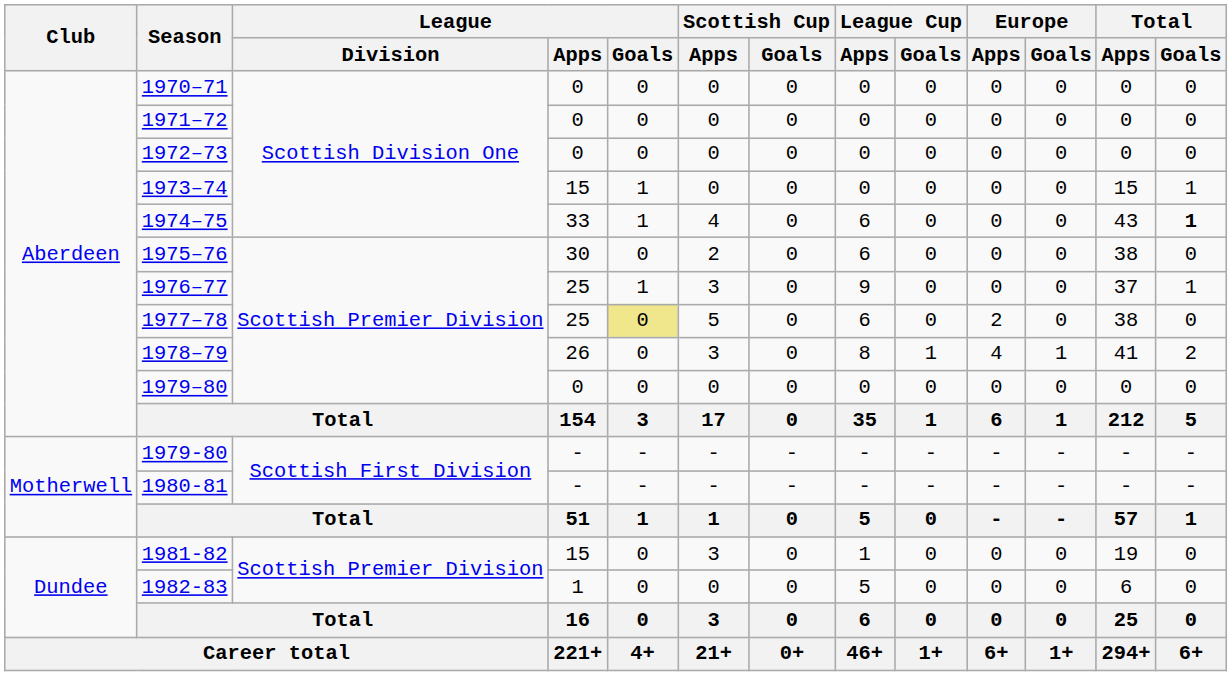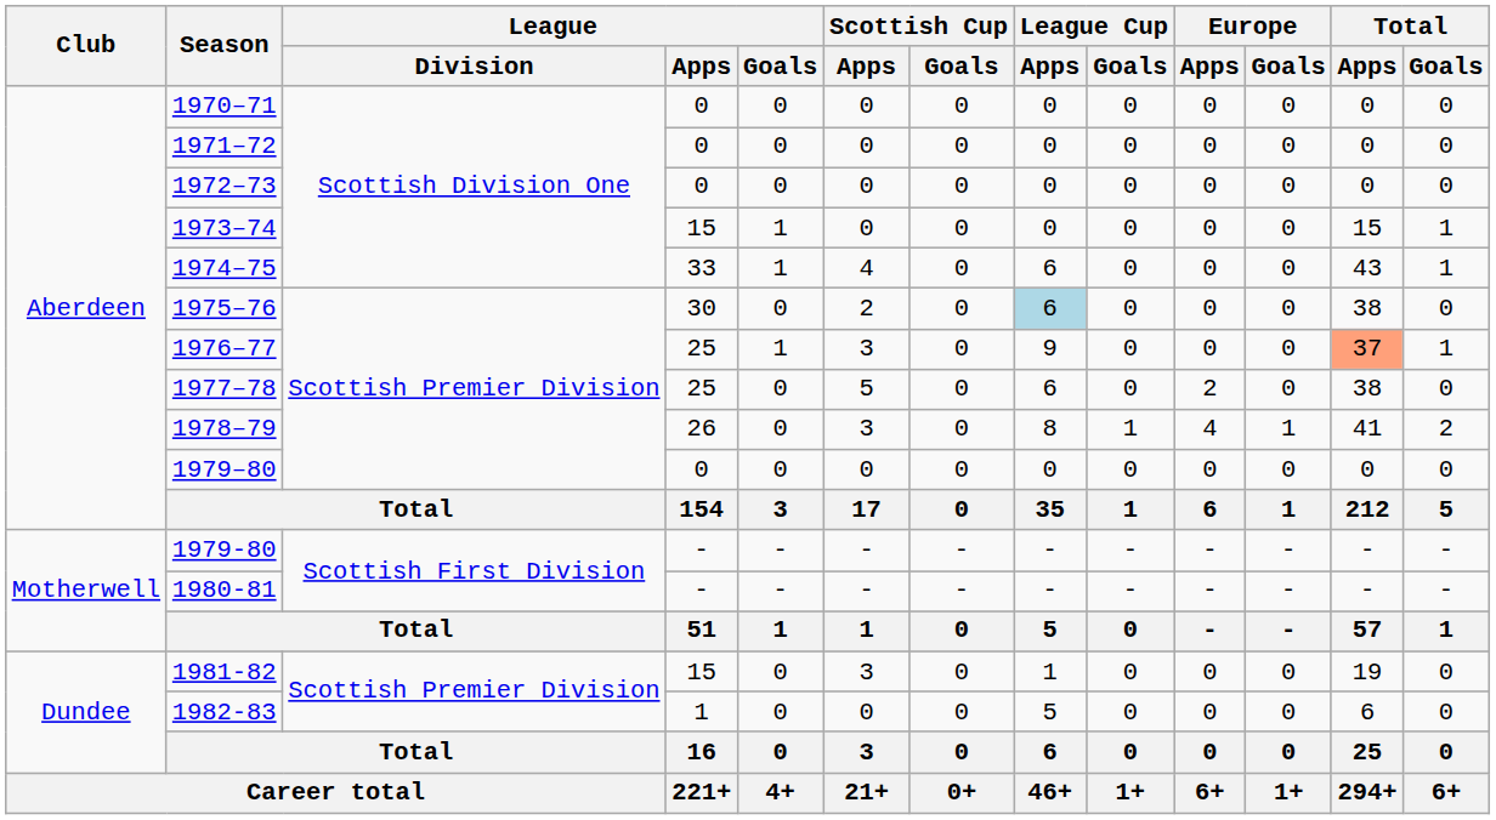 <table class="wikitable" style="text-align:center">
 <tr>
 <th rowspan="2">Club </th>
 <th rowspan="2">Season</th>
 <th colspan="3">League</th>
 <th colspan="2">Scottish Cup</th>
 <th colspan="2">League Cup</th>
 <th colspan="2">Europe</th>
 <th colspan="2">Total</th>
 </tr>
 <tr>
 <th>Division</th>
 <th>Apps</th>
 <th>Goals</th>
 <th>Apps</th>
 <th>Goals</th>
 <th>Apps</th>
 <th>Goals</th>
 <th>Apps</th>
 <th>Goals</th>
 <th>Apps</th>
 <th>Goals</th>
 </tr>
 <tr>
 <td rowspan="11"><a href='#'>Aberdeen</a></td>
 <td><a href='#'>1970–71</a></td>
 <td rowspan="5"><a href='#'>Scottish Division One</a></td>
 <td>0</td>
 <td>0</td>
 <td>0</td>
 <td>0</td>
 <td>0</td>
 <td>0</td>
 <td>0</td>
 <td>0</td>
 <td>0</td>
 <td>0</td>
 </tr>
 <tr>
 <td><a href='#'>1971–72</a></td>
 <td>0</td>
 <td>0</td>
 <td>0</td>
 <td>0</td>
 <td>0</td>
 <td>0</td>
 <td>0</td>
 <td>0</td>
 <td>0</td>
 <td>0</td>
 </tr>
 <tr>
 <td><a href='#'>1972–73</a></td>
 <td>0</td>
 <td>0</td>
 <td>0</td>
 <td>0</td>
 <td>0</td>
 <td>0</td>
 <td>0</td>
 <td>0</td>
 <td>0</td>
 <td>0</td>
 </tr>
 <tr>
 <td><a href='#'>1973–74</a></td>
 <td>15</td>
 <td>1</td>
 <td>0</td>
 <td>0</td>
 <td>0</td>
 <td>0</td>
 <td>0</td>
 <td>0</td>
 <td>15</td>
 <td>1</td>
 </tr>
 <tr>
 <td><a href='#'>1974–75</a></td>
 <td>33</td>
 <td>1</td>
 <td>4</td>
 <td>0</td>
 <td>6</td>
 <td>0</td>
 <td>0</td>
 <td>0</td>
 <td>43</td>
-<td><strong>1</strong></td>
+<td>1</td>
 </tr>
 <tr>
 <td><a href='#'>1975–76</a></td>
 <td rowspan="5"><a href='#'>Scottish Premier Division</a></td>
 <td>30</td>
 <td>0</td>
 <td>2</td>
 <td>0</td>
-<td>6</td>
+<td style="background: lightblue;">6</td>
 <td>0</td>
 <td>0</td>
 <td>0</td>
 <td>38</td>
 <td>0</td>
 </tr>
 <tr>
 <td><a href='#'>1976–77</a></td>
 <td>25</td>
 <td>1</td>
 <td>3</td>
 <td>0</td>
 <td>9</td>
 <td>0</td>
 <td>0</td>
 <td>0</td>
-<td>37</td>
+<td style="background: lightsalmon;">37</td>
 <td>1</td>
 </tr>
 <tr>
 <td><a href='#'>1977–78</a></td>
 <td>25</td>
-<td style="background: khaki;">0</td>
+<td>0</td>
 <td>5</td>
 <td>0</td>
 <td>6</td>
 <td>0</td>
 <td>2</td>
 <td>0</td>
 <td>38</td>
 <td>0</td>
 </tr>
 <tr>
 <td><a href='#'>1978–79</a></td>
 <td>26</td>
 <td>0</td>
 <td>3</td>
 <td>0</td>
 <td>8</td>
 <td>1</td>
 <td>4</td>
 <td>1</td>
 <td>41</td>
 <td>2</td>
 </tr>
 <tr>
 <td><a href='#'>1979–80</a></td>
 <td>0</td>
 <td>0</td>
 <td>0</td>
 <td>0</td>
 <td>0</td>
 <td>0</td>
 <td>0</td>
 <td>0</td>
 <td>0</td>
 <td>0</td>
 </tr>
 <tr>
 <th colspan="2">Total</th>
 <th>154</th>
 <th>3</th>
 <th>17</th>
 <th>0</th>
 <th>35</th>
 <th>1</th>
 <th>6</th>
 <th>1</th>
 <th>212</th>
 <th>5</th>
 </tr>
 <tr>
 <td rowspan="3"><a href='#'>Motherwell</a></td>
 <td><a href='#'>1979-80</a></td>
 <td rowspan="2"><a href='#'>Scottish First Division</a></td>
 <td>-</td>
 <td>-</td>
 <td>-</td>
 <td>-</td>
 <td>-</td>
 <td>-</td>
 <td>-</td>
 <td>-</td>
 <td>-</td>
 <td>-</td>
 </tr>
 <tr>
 <td><a href='#'>1980-81</a></td>
 <td>-</td>
 <td>-</td>
 <td>-</td>
 <td>-</td>
 <td>-</td>
 <td>-</td>
 <td>-</td>
 <td>-</td>
 <td>-</td>
 <td>-</td>
 </tr>
 <tr>
 <th colspan="2">Total</th>
 <th>51</th>
 <th>1</th>
 <th>1</th>
 <th>0</th>
 <th>5</th>
 <th>0</th>
 <th>-</th>
 <th>-</th>
 <th>57</th>
 <th>1</th>
 </tr>
 <tr>
 <td rowspan="3"><a href='#'>Dundee</a></td>
 <td><a href='#'>1981-82</a></td>
 <td rowspan="2"><a href='#'>Scottish Premier Division</a></td>
 <td>15</td>
 <td>0</td>
 <td>3</td>
 <td>0</td>
 <td>1</td>
 <td>0</td>
 <td>0</td>
 <td>0</td>
 <td>19</td>
 <td>0</td>
 </tr>
 <tr>
 <td><a href='#'>1982-83</a></td>
 <td>1</td>
 <td>0</td>
 <td>0</td>
 <td>0</td>
 <td>5</td>
 <td>0</td>
 <td>0</td>
 <td>0</td>
 <td>6</td>
 <td>0</td>
 </tr>
 <tr>
 <th colspan="2">Total</th>
 <th>16</th>
 <th>0</th>
 <th>3</th>
 <th>0</th>
 <th>6</th>
 <th>0</th>
 <th>0</th>
 <th>0</th>
 <th>25</th>
 <th>0</th>
 </tr>
 <tr>
 <th colspan="3">Career total</th>
 <th>221+</th>
 <th>4+</th>
 <th>21+</th>
 <th>0+</th>
 <th>46+</th>
 <th>1+</th>
 <th>6+</th>
 <th>1+</th>
 <th>294+</th>
 <th>6+</th>
 </tr>
 </table>
